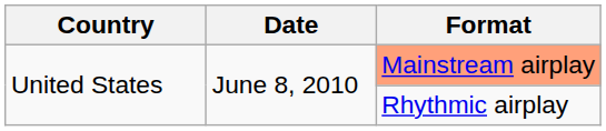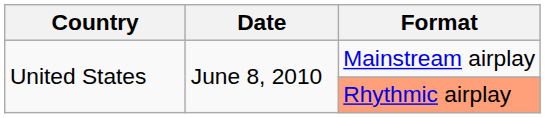 <table class="wikitable">
 <tr>
 <th style="width:120px;">Country</th>
 <th style="width:100px;">Date</th>
 <th>Format</th>
 </tr>
 <tr>
 <td rowspan="2">United States</td>
 <td rowspan="2">June 8, 2010</td>
-<td style="background: lightsalmon;"><a href='#'>Mainstream</a> airplay</td>
+<td><a href='#'>Mainstream</a> airplay</td>
 </tr>
 <tr>
-<td><a href='#'>Rhythmic</a> airplay</td>
+<td style="background: lightsalmon;"><a href='#'>Rhythmic</a> airplay</td>
 </tr>
 </table>
